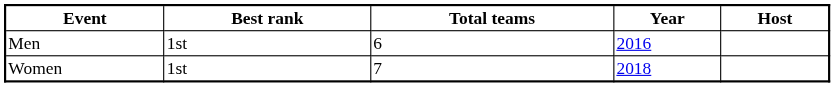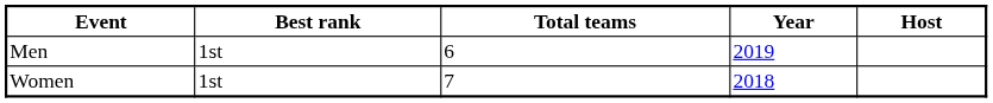 <table class="sortable" style="border-collapse: collapse; border: 2px #000000 solid; font-size: x-big; font-family: verdana" width="60%" cellspacing="0" cellpadding="2" border="1">
 <tr bgcolor="FFFFFF" align="center">
 <th>Event</th>
 <th>Best rank</th>
 <th>Total teams</th>
 <th>Year</th>
 <th>Host</th>
 </tr>
 <tr>
 <td>Men</td>
 <td>1st</td>
 <td>6</td>
-<td><a href='#'>2016</a></td>
+<td><a href='#'>2019</a></td>
 <td></td>
 </tr>
 <tr>
 <td>Women</td>
 <td>1st</td>
 <td>7</td>
 <td><a href='#'>2018</a></td>
 <td></td>
 </tr>
 </table>
